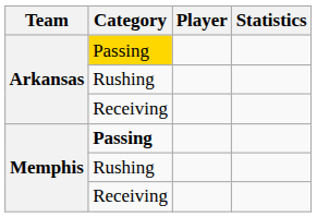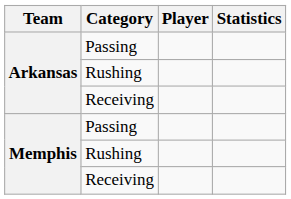 <table class="wikitable" style="float:right">
 <tr>
 <th>Team</th>
 <th>Category</th>
 <th>Player</th>
 <th>Statistics</th>
 </tr>
 <tr>
 <th rowspan=3>Arkansas</th>
-<td style="background: gold;">Passing</td>
+<td>Passing</td>
 <td></td>
 <td></td>
 </tr>
 <tr>
 <td>Rushing</td>
 <td></td>
 <td></td>
 </tr>
 <tr>
 <td>Receiving</td>
 <td></td>
 <td></td>
 </tr>
 <tr>
 <th rowspan=3>Memphis</th>
-<td><strong>Passing</strong></td>
+<td>Passing</td>
 <td></td>
 <td></td>
 </tr>
 <tr>
 <td>Rushing</td>
 <td></td>
 <td></td>
 </tr>
 <tr>
 <td>Receiving</td>
 <td></td>
 <td></td>
 </tr>
 </table>
